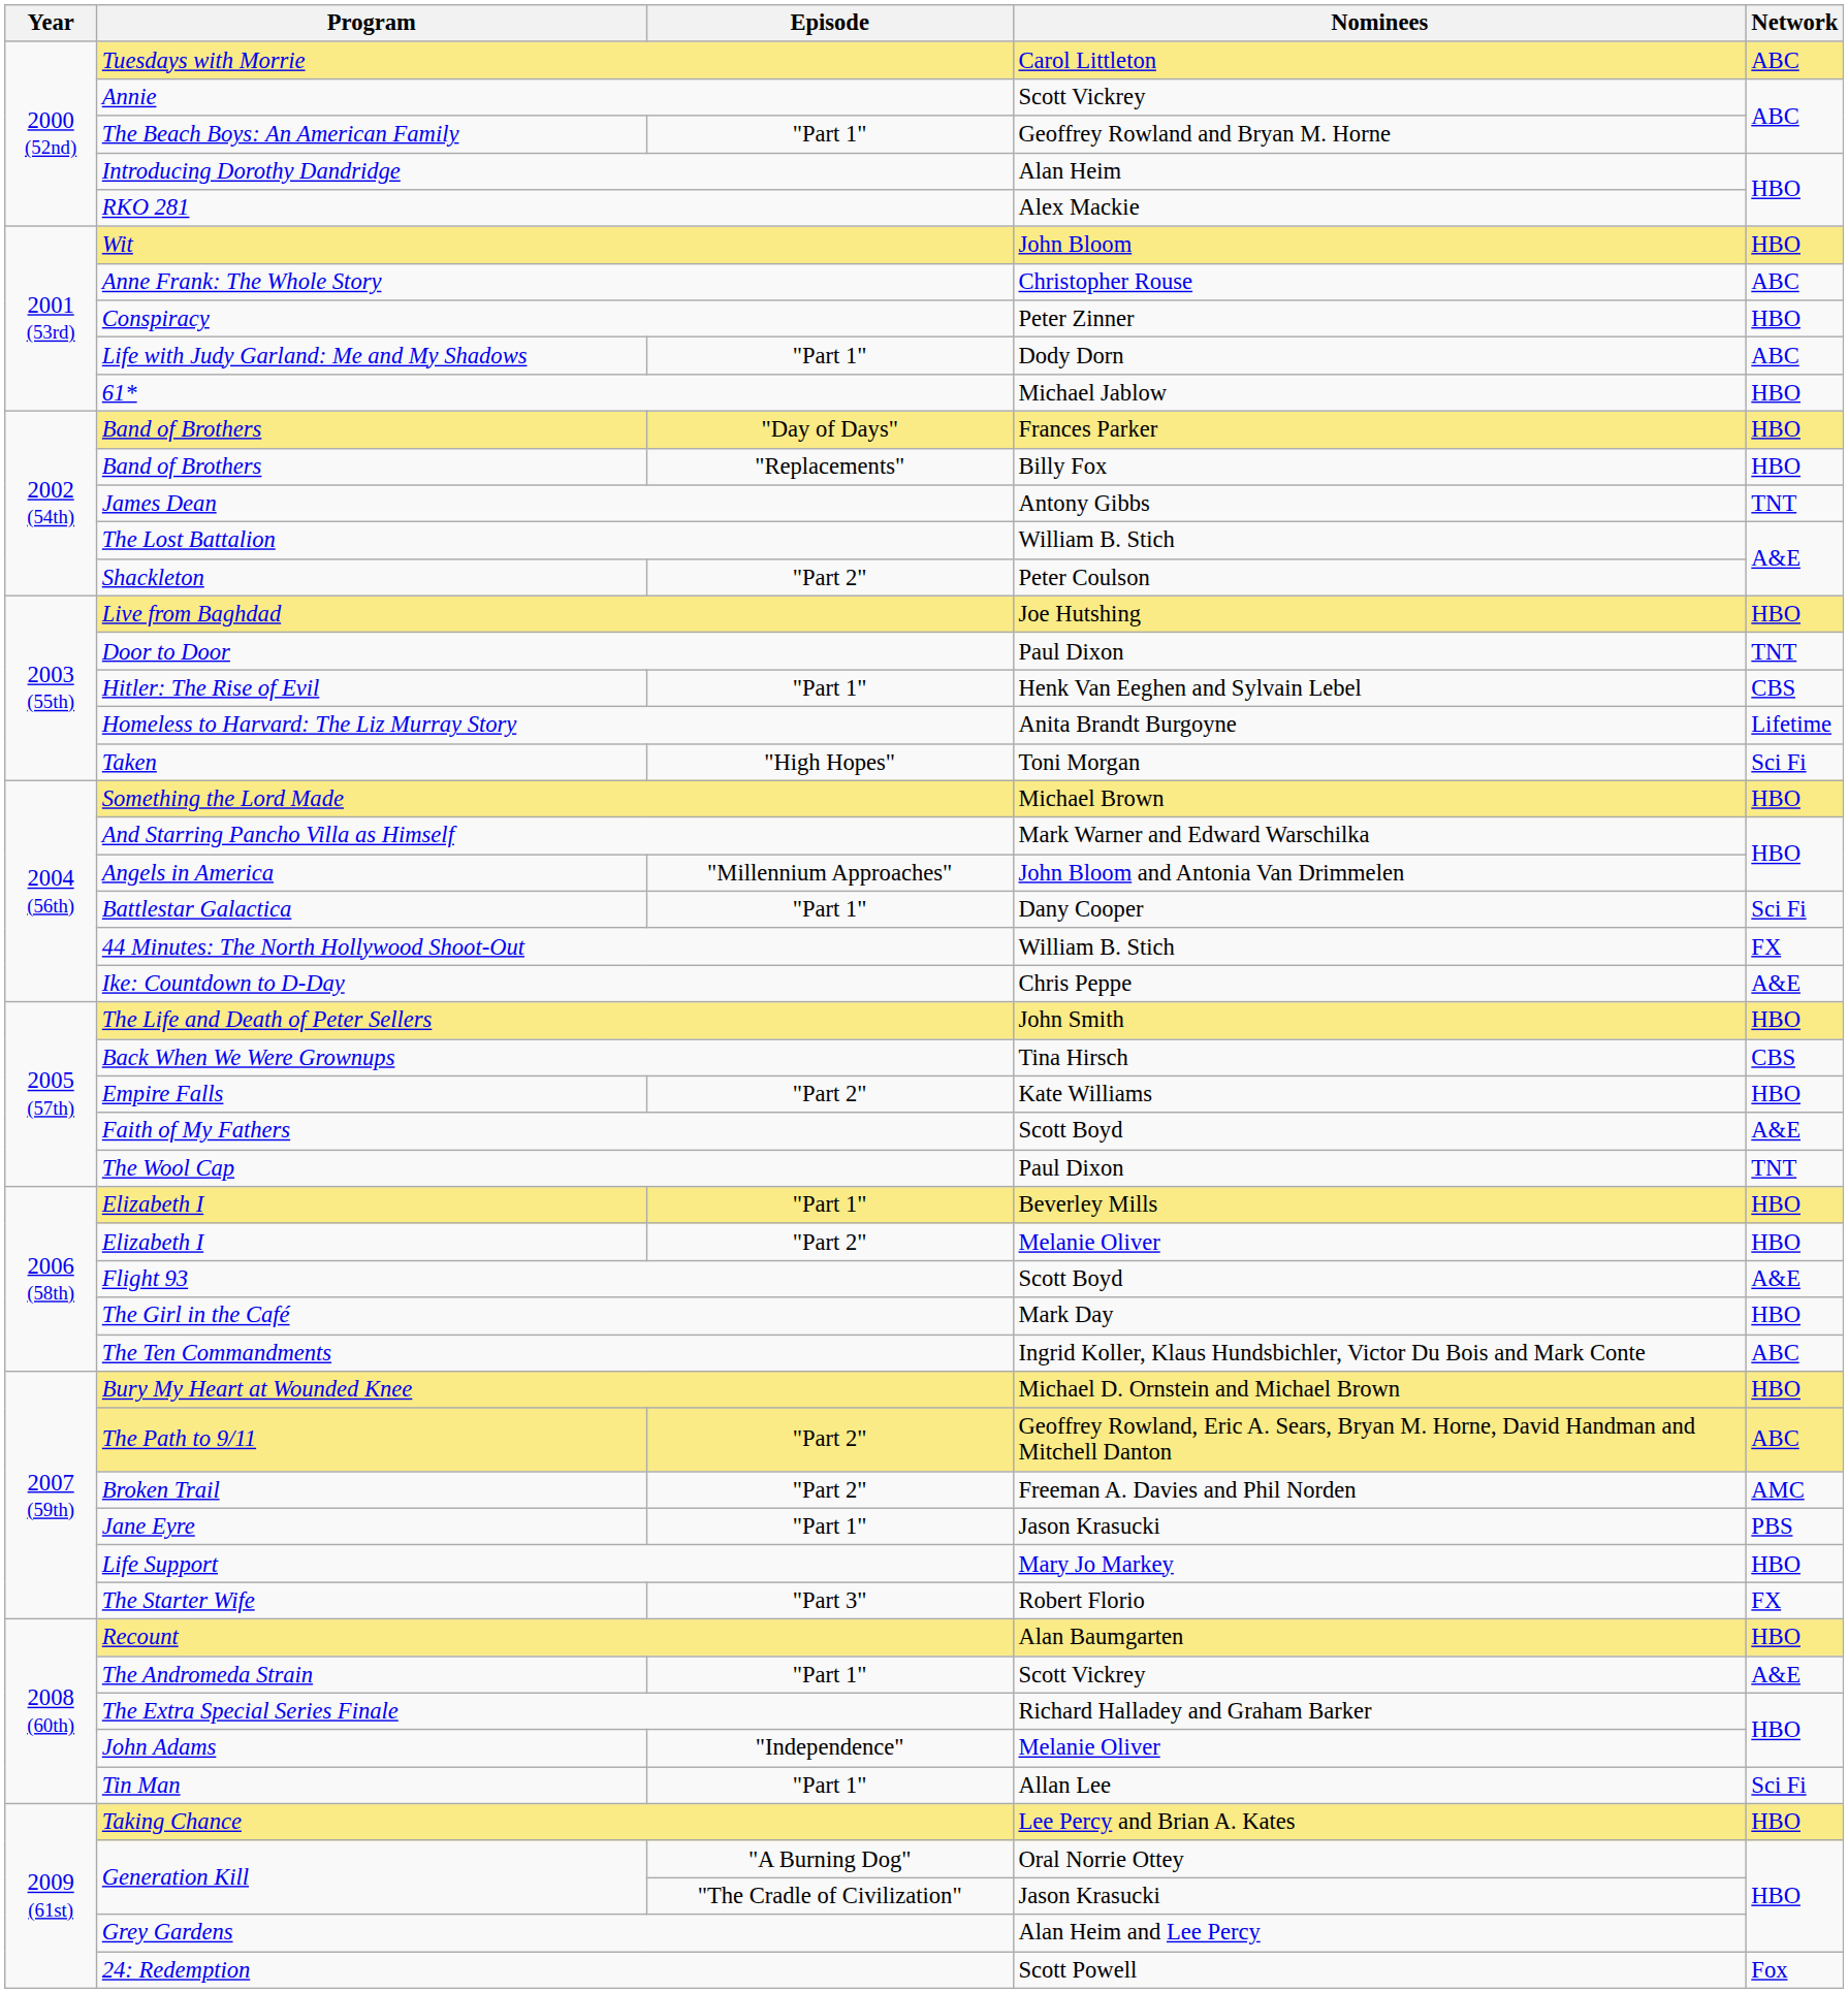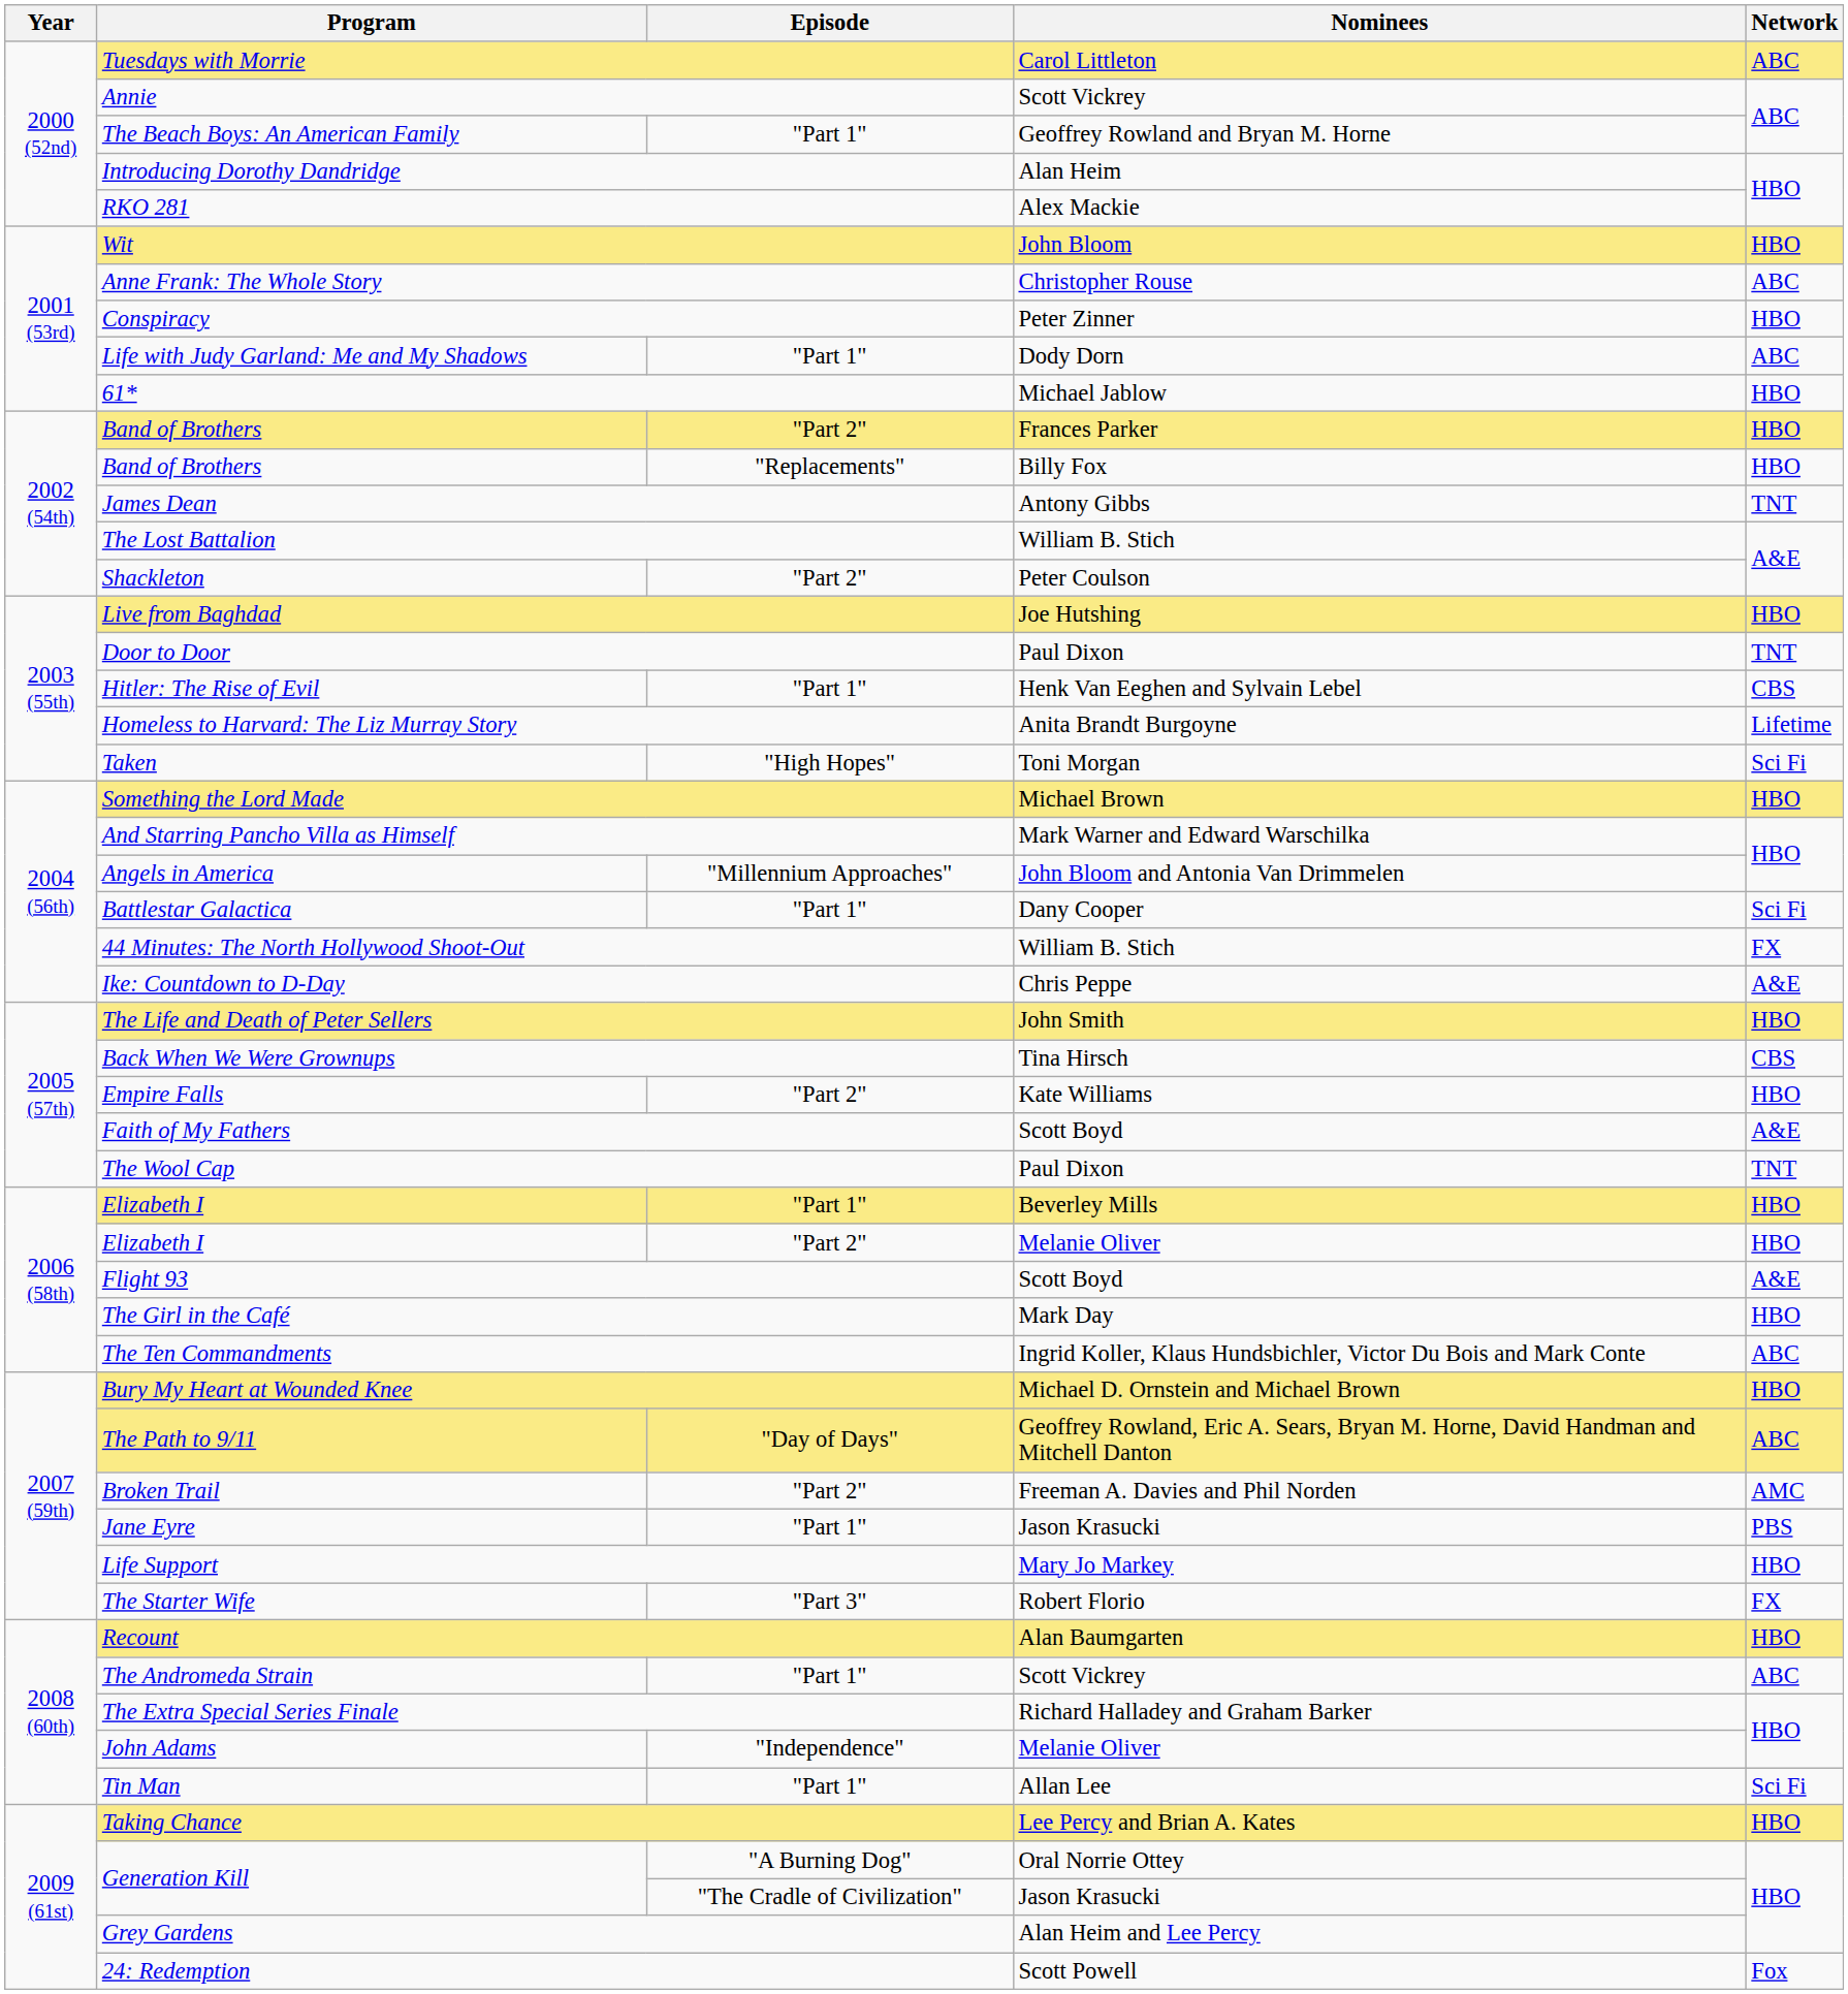 <table class="wikitable" style="width:100%">
 <tr>
 <th width="5%">Year</th>
 <th width="30%">Program</th>
 <th width="20%">Episode</th>
 <th width="40%">Nominees</th>
 <th width="5%">Network</th>
 </tr>
 <tr>
 <td rowspan="5" style="text-align:center;"><a href='#'>2000</a><br><small><a href='#'>(52nd)</a></small><br></td>
 <td style="background:#FAEB86;" colspan=2><em><a href='#'>Tuesdays with Morrie</a></em></td>
 <td style="background:#FAEB86;"><a href='#'>Carol Littleton</a></td>
 <td style="background:#FAEB86;"><a href='#'>ABC</a></td>
 </tr>
 <tr>
 <td colspan=2><em><a href='#'>Annie</a></em></td>
 <td>Scott Vickrey</td>
 <td rowspan=2><a href='#'>ABC</a></td>
 </tr>
 <tr>
 <td><em><a href='#'>The Beach Boys: An American Family</a></em></td>
 <td align=center>"Part 1"</td>
 <td>Geoffrey Rowland and Bryan M. Horne</td>
 </tr>
 <tr>
 <td colspan=2><em><a href='#'>Introducing Dorothy Dandridge</a></em></td>
 <td>Alan Heim</td>
 <td rowspan=2><a href='#'>HBO</a></td>
 </tr>
 <tr>
 <td colspan=2><em><a href='#'>RKO 281</a></em></td>
 <td>Alex Mackie</td>
 </tr>
 <tr>
 <td rowspan="5" style="text-align:center;"><a href='#'>2001</a><br><small><a href='#'>(53rd)</a></small><br></td>
 <td style="background:#FAEB86;" colspan=2><em><a href='#'>Wit</a></em></td>
 <td style="background:#FAEB86;"><a href='#'>John Bloom</a></td>
 <td style="background:#FAEB86;"><a href='#'>HBO</a></td>
 </tr>
 <tr>
 <td colspan=2><em><a href='#'>Anne Frank: The Whole Story</a></em></td>
 <td><a href='#'>Christopher Rouse</a></td>
 <td><a href='#'>ABC</a></td>
 </tr>
 <tr>
 <td colspan=2><em><a href='#'>Conspiracy</a></em></td>
 <td>Peter Zinner</td>
 <td><a href='#'>HBO</a></td>
 </tr>
 <tr>
 <td><em><a href='#'>Life with Judy Garland: Me and My Shadows</a></em></td>
 <td align=center>"Part 1"</td>
 <td>Dody Dorn</td>
 <td><a href='#'>ABC</a></td>
 </tr>
 <tr>
 <td colspan=2><em><a href='#'>61*</a></em></td>
 <td>Michael Jablow</td>
 <td><a href='#'>HBO</a></td>
 </tr>
 <tr>
 <td rowspan="5" style="text-align:center;"><a href='#'>2002</a><br><small><a href='#'>(54th)</a></small><br></td>
 <td style="background:#FAEB86;"><em><a href='#'>Band of Brothers</a></em></td>
-<td style="background:#FAEB86;" align=center>"Day of Days"</td>
+<td style="background:#FAEB86;" align=center>"Part 2"</td>
 <td style="background:#FAEB86;">Frances Parker</td>
 <td style="background:#FAEB86;"><a href='#'>HBO</a></td>
 </tr>
 <tr>
 <td><em><a href='#'>Band of Brothers</a></em></td>
 <td align=center>"Replacements"</td>
 <td>Billy Fox</td>
 <td><a href='#'>HBO</a></td>
 </tr>
 <tr>
 <td colspan=2><em><a href='#'>James Dean</a></em></td>
 <td>Antony Gibbs</td>
 <td><a href='#'>TNT</a></td>
 </tr>
 <tr>
 <td colspan=2><em><a href='#'>The Lost Battalion</a></em></td>
 <td>William B. Stich</td>
 <td rowspan=2><a href='#'>A&E</a></td>
 </tr>
 <tr>
 <td><em><a href='#'>Shackleton</a></em></td>
 <td align=center>"Part 2"</td>
 <td>Peter Coulson</td>
 </tr>
 <tr>
 <td rowspan="5" style="text-align:center;"><a href='#'>2003</a><br><small><a href='#'>(55th)</a></small><br></td>
 <td style="background:#FAEB86;" colspan=2><em><a href='#'>Live from Baghdad</a></em></td>
 <td style="background:#FAEB86;">Joe Hutshing</td>
 <td style="background:#FAEB86;"><a href='#'>HBO</a></td>
 </tr>
 <tr>
 <td colspan=2><em><a href='#'>Door to Door</a></em></td>
 <td>Paul Dixon</td>
 <td><a href='#'>TNT</a></td>
 </tr>
 <tr>
 <td><em><a href='#'>Hitler: The Rise of Evil</a></em></td>
 <td align=center>"Part 1"</td>
 <td>Henk Van Eeghen and Sylvain Lebel</td>
 <td><a href='#'>CBS</a></td>
 </tr>
 <tr>
 <td colspan=2><em><a href='#'>Homeless to Harvard: The Liz Murray Story</a></em></td>
 <td>Anita Brandt Burgoyne</td>
 <td><a href='#'>Lifetime</a></td>
 </tr>
 <tr>
 <td><em><a href='#'>Taken</a></em></td>
 <td align=center>"High Hopes"</td>
 <td>Toni Morgan</td>
 <td><a href='#'>Sci Fi</a></td>
 </tr>
 <tr>
 <td rowspan="6" style="text-align:center;"><a href='#'>2004</a><br><small><a href='#'>(56th)</a></small><br></td>
 <td style="background:#FAEB86;" colspan=2><em><a href='#'>Something the Lord Made</a></em></td>
 <td style="background:#FAEB86;">Michael Brown</td>
 <td style="background:#FAEB86;"><a href='#'>HBO</a></td>
 </tr>
 <tr>
 <td colspan=2><em><a href='#'>And Starring Pancho Villa as Himself</a></em></td>
 <td>Mark Warner and Edward Warschilka</td>
 <td rowspan=2><a href='#'>HBO</a></td>
 </tr>
 <tr>
 <td><em><a href='#'>Angels in America</a></em></td>
 <td align=center>"Millennium Approaches"</td>
 <td><a href='#'>John Bloom</a> and Antonia Van Drimmelen</td>
 </tr>
 <tr>
 <td><em><a href='#'>Battlestar Galactica</a></em></td>
 <td align=center>"Part 1"</td>
 <td>Dany Cooper</td>
 <td><a href='#'>Sci Fi</a></td>
 </tr>
 <tr>
 <td colspan=2><em><a href='#'>44 Minutes: The North Hollywood Shoot-Out</a></em></td>
 <td>William B. Stich</td>
 <td><a href='#'>FX</a></td>
 </tr>
 <tr>
 <td colspan=2><em><a href='#'>Ike: Countdown to D-Day</a></em></td>
 <td>Chris Peppe</td>
 <td><a href='#'>A&E</a></td>
 </tr>
 <tr>
 <td rowspan="5" style="text-align:center;"><a href='#'>2005</a><br><small><a href='#'>(57th)</a></small><br></td>
 <td style="background:#FAEB86;" colspan=2><em><a href='#'>The Life and Death of Peter Sellers</a></em></td>
 <td style="background:#FAEB86;">John Smith</td>
 <td style="background:#FAEB86;"><a href='#'>HBO</a></td>
 </tr>
 <tr>
 <td colspan=2><em><a href='#'>Back When We Were Grownups</a></em></td>
 <td>Tina Hirsch</td>
 <td><a href='#'>CBS</a></td>
 </tr>
 <tr>
 <td><em><a href='#'>Empire Falls</a></em></td>
 <td align=center>"Part 2"</td>
 <td>Kate Williams</td>
 <td><a href='#'>HBO</a></td>
 </tr>
 <tr>
 <td colspan=2><em><a href='#'>Faith of My Fathers</a></em></td>
 <td>Scott Boyd</td>
 <td><a href='#'>A&E</a></td>
 </tr>
 <tr>
 <td colspan=2><em><a href='#'>The Wool Cap</a></em></td>
 <td>Paul Dixon</td>
 <td><a href='#'>TNT</a></td>
 </tr>
 <tr>
 <td rowspan="5" style="text-align:center;"><a href='#'>2006</a><br><small><a href='#'>(58th)</a></small><br></td>
 <td style="background:#FAEB86;"><em><a href='#'>Elizabeth I</a></em></td>
 <td style="background:#FAEB86;" align=center>"Part 1"</td>
 <td style="background:#FAEB86;">Beverley Mills</td>
 <td style="background:#FAEB86;"><a href='#'>HBO</a></td>
 </tr>
 <tr>
 <td><em><a href='#'>Elizabeth I</a></em></td>
 <td align=center>"Part 2"</td>
 <td><a href='#'>Melanie Oliver</a></td>
 <td><a href='#'>HBO</a></td>
 </tr>
 <tr>
 <td colspan=2><em><a href='#'>Flight 93</a></em></td>
 <td>Scott Boyd</td>
 <td><a href='#'>A&E</a></td>
 </tr>
 <tr>
 <td colspan=2><em><a href='#'>The Girl in the Café</a></em></td>
 <td>Mark Day</td>
 <td><a href='#'>HBO</a></td>
 </tr>
 <tr>
 <td colspan=2><em><a href='#'>The Ten Commandments</a></em></td>
 <td>Ingrid Koller,  Klaus Hundsbichler,  Victor Du Bois and Mark Conte</td>
 <td><a href='#'>ABC</a></td>
 </tr>
 <tr>
 <td rowspan="6" style="text-align:center;"><a href='#'>2007</a><br><small><a href='#'>(59th)</a></small><br></td>
 <td style="background:#FAEB86;" colspan=2><em><a href='#'>Bury My Heart at Wounded Knee</a></em></td>
 <td style="background:#FAEB86;">Michael D. Ornstein and Michael Brown</td>
 <td style="background:#FAEB86;"><a href='#'>HBO</a></td>
 </tr>
 <tr>
 <td style="background:#FAEB86;"><em><a href='#'>The Path to 9/11</a></em></td>
-<td style="background:#FAEB86;" align=center>"Part 2"</td>
+<td style="background:#FAEB86;" align=center>"Day of Days"</td>
 <td style="background:#FAEB86;">Geoffrey Rowland, Eric A. Sears,  Bryan M. Horne, David Handman and Mitchell Danton</td>
 <td style="background:#FAEB86;"><a href='#'>ABC</a></td>
 </tr>
 <tr>
 <td><em><a href='#'>Broken Trail</a></em></td>
 <td align=center>"Part 2"</td>
 <td>Freeman A. Davies and Phil Norden</td>
 <td><a href='#'>AMC</a></td>
 </tr>
 <tr>
 <td><em><a href='#'>Jane Eyre</a></em></td>
 <td align=center>"Part 1"</td>
 <td>Jason Krasucki</td>
 <td><a href='#'>PBS</a></td>
 </tr>
 <tr>
 <td colspan=2><em><a href='#'>Life Support</a></em></td>
 <td><a href='#'>Mary Jo Markey</a></td>
 <td><a href='#'>HBO</a></td>
 </tr>
 <tr>
 <td><em><a href='#'>The Starter Wife</a></em></td>
 <td align=center>"Part 3"</td>
 <td>Robert Florio</td>
 <td><a href='#'>FX</a></td>
 </tr>
 <tr>
 <td rowspan="5" style="text-align:center;"><a href='#'>2008</a><br><small><a href='#'>(60th)</a></small><br></td>
 <td style="background:#FAEB86;" colspan=2><em><a href='#'>Recount</a></em></td>
 <td style="background:#FAEB86;">Alan Baumgarten</td>
 <td style="background:#FAEB86;"><a href='#'>HBO</a></td>
 </tr>
 <tr>
 <td><em><a href='#'>The Andromeda Strain</a></em></td>
 <td align=center>"Part 1"</td>
 <td>Scott Vickrey</td>
-<td><a href='#'>A&E</a></td>
+<td><a href='#'>ABC</a></td>
 </tr>
 <tr>
 <td colspan=2><em><a href='#'>The Extra Special Series Finale</a></em></td>
 <td>Richard Halladey and Graham Barker</td>
 <td rowspan=2><a href='#'>HBO</a></td>
 </tr>
 <tr>
 <td><em><a href='#'>John Adams</a></em></td>
 <td align=center>"Independence"</td>
 <td><a href='#'>Melanie Oliver</a></td>
 </tr>
 <tr>
 <td><em><a href='#'>Tin Man</a></em></td>
 <td align=center>"Part 1"</td>
 <td>Allan Lee</td>
 <td><a href='#'>Sci Fi</a></td>
 </tr>
 <tr>
 <td rowspan="5" style="text-align:center;"><a href='#'>2009</a><br><small><a href='#'>(61st)</a></small><br></td>
 <td style="background:#FAEB86;"  colspan=2><em><a href='#'>Taking Chance</a></em></td>
 <td style="background:#FAEB86;"><a href='#'>Lee Percy</a> and Brian A. Kates</td>
 <td style="background:#FAEB86;"><a href='#'>HBO</a></td>
 </tr>
 <tr>
 <td rowspan=2><em><a href='#'>Generation Kill</a></em></td>
 <td align=center>"A Burning Dog"</td>
 <td>Oral Norrie Ottey</td>
 <td rowspan=3><a href='#'>HBO</a></td>
 </tr>
 <tr>
 <td align=center>"The Cradle of Civilization"</td>
 <td>Jason Krasucki</td>
 </tr>
 <tr>
 <td colspan=2><em><a href='#'>Grey Gardens</a></em></td>
 <td>Alan Heim and <a href='#'>Lee Percy</a></td>
 </tr>
 <tr>
 <td colspan=2><em><a href='#'>24: Redemption</a></em></td>
 <td>Scott Powell</td>
 <td><a href='#'>Fox</a></td>
 </tr>
 <tr>
 </tr>
 </table>
